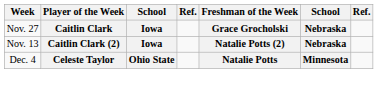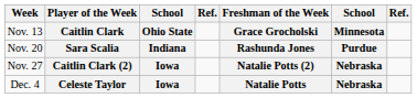 <table class=wikitable style="text-align:center">
 <tr>
 <th>Week</th>
 <th>Player of the Week</th>
 <th>School</th>
 <th>Ref.</th>
 <th>Freshman of the Week</th>
 <th>School</th>
 <th>Ref.</th>
 </tr>
 <tr>
-<td>Nov. 27</td>
+<td>Nov. 13</td>
 <th>Caitlin Clark</th>
-<th>Iowa</th>
+<th>Ohio State</th>
 <td></td>
 <th>Grace Grocholski</th>
-<th>Nebraska</th>
+<th>Minnesota</th>
 <td></td>
 </tr>
 <tr>
-<td>Nov. 13</td>
+<td>Nov. 20</td>
+<th>Sara Scalia</th>
+<th>Indiana</th>
+<td></td>
+<th>Rashunda Jones</th>
+<th>Purdue</th>
+<td></td>
+</tr>
+<tr>
+<td>Nov. 27</td>
 <th>Caitlin Clark (2)</th>
 <th>Iowa</th>
 <td></td>
 <th>Natalie Potts (2)</th>
 <th>Nebraska</th>
 <td></td>
 </tr>
 <tr>
 <td>Dec. 4</td>
 <th>Celeste Taylor</th>
-<th>Ohio State</th>
+<th>Iowa</th>
 <td></td>
 <th>Natalie Potts</th>
-<th>Minnesota</th>
+<th>Nebraska</th>
 <td></td>
 </tr>
 </table>
